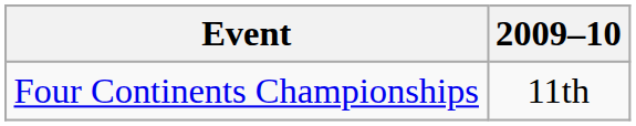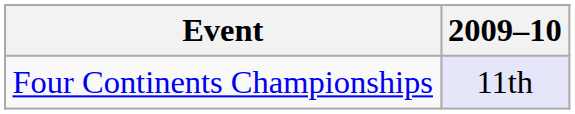 <table class="wikitable" style="text-align:center">
 <tr>
 <th>Event</th>
 <th>2009–10</th>
 </tr>
 <tr>
 <td align=left><a href='#'>Four Continents Championships</a></td>
-<td>11th</td>
+<td style="background: lavender;">11th</td>
 </tr>
 </table>
